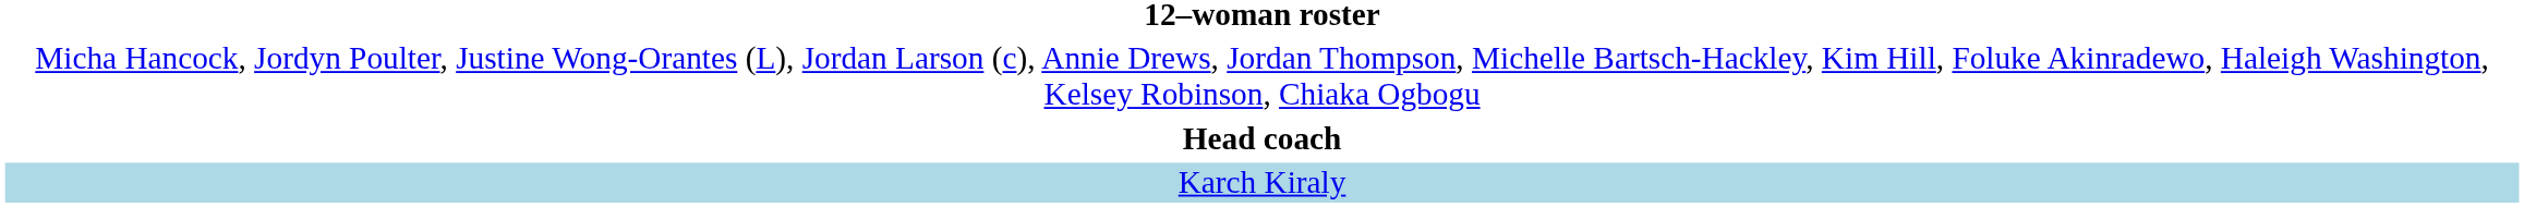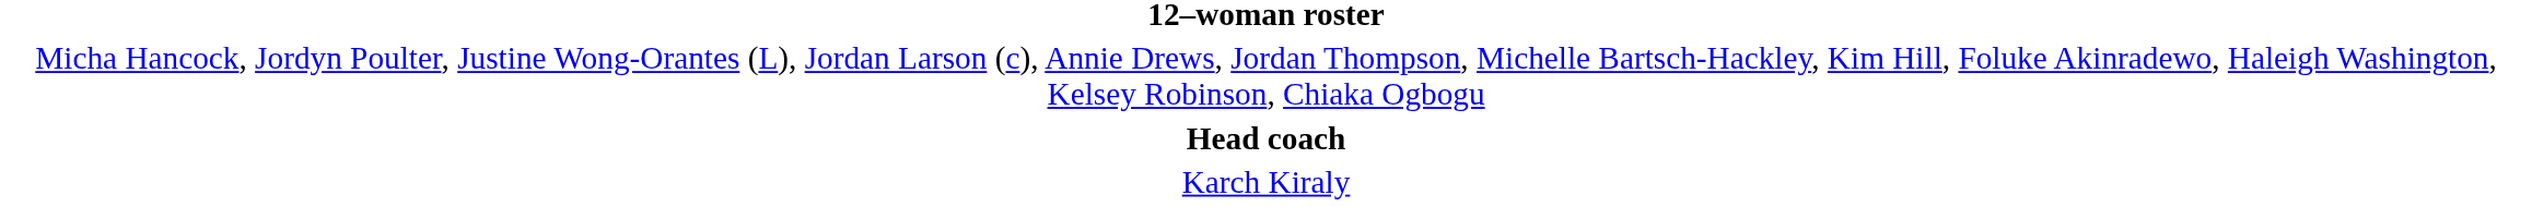 <table style="text-align: center; margin-top:2em; margin-left: auto; margin-right:auto">
 <tr>
 <td><strong>12–woman roster</strong></td>
 </tr>
 <tr>
 <td><a href='#'>Micha Hancock</a>, <a href='#'>Jordyn Poulter</a>, <a href='#'>Justine Wong-Orantes</a> (<a href='#'>L</a>), <a href='#'>Jordan Larson</a> (<a href='#'>c</a>), <a href='#'>Annie Drews</a>, <a href='#'>Jordan Thompson</a>, <a href='#'>Michelle Bartsch-Hackley</a>, <a href='#'>Kim Hill</a>, <a href='#'>Foluke Akinradewo</a>, <a href='#'>Haleigh Washington</a>, <a href='#'>Kelsey Robinson</a>, <a href='#'>Chiaka Ogbogu</a></td>
 </tr>
 <tr>
 <td><strong>Head coach</strong></td>
 </tr>
 <tr>
-<td style="background: lightblue;"><a href='#'>Karch Kiraly</a></td>
+<td><a href='#'>Karch Kiraly</a></td>
 </tr>
 </table>
